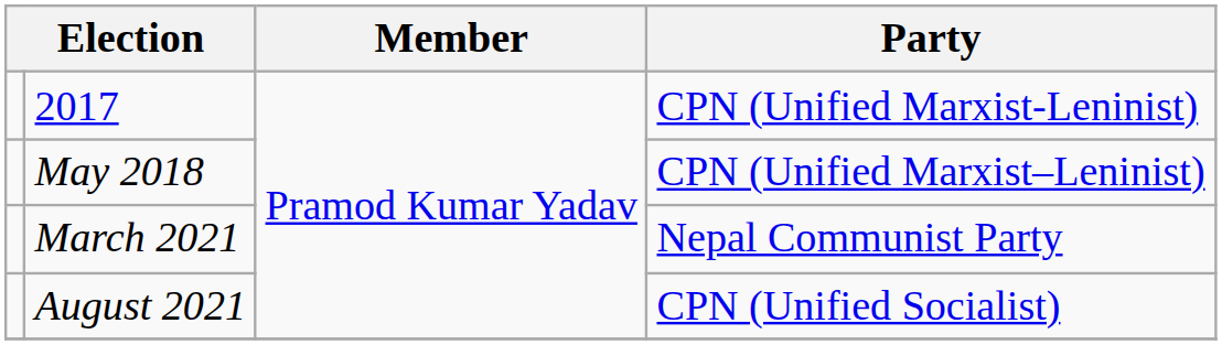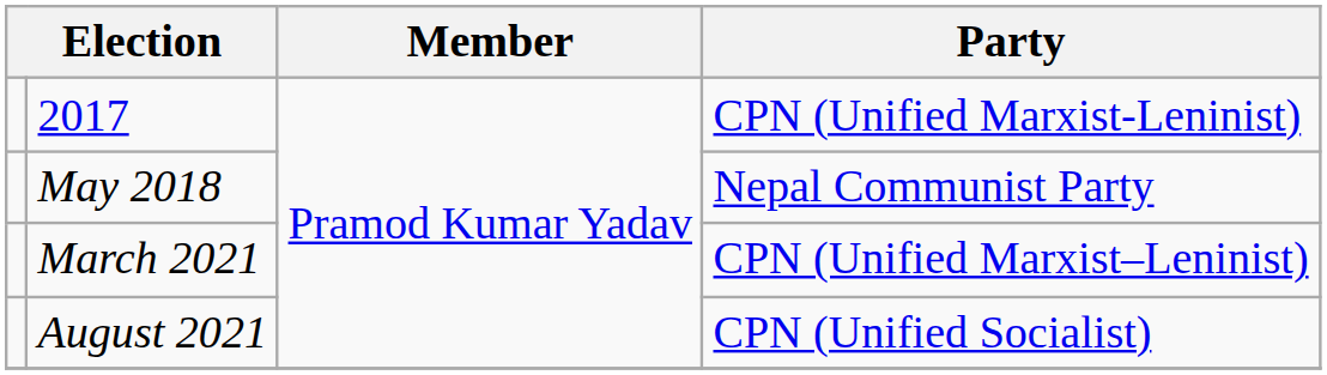 <table class="wikitable">
 <tr>
 <th colspan="2">Election</th>
 <th>Member</th>
 <th>Party</th>
 </tr>
 <tr>
 <td style="background-color:"></td>
 <td><a href='#'>2017</a></td>
 <td rowspan="4"><a href='#'>Pramod Kumar Yadav</a></td>
 <td><a href='#'>CPN (Unified Marxist-Leninist)</a></td>
 </tr>
 <tr>
 <td style="background-color:"></td>
 <td><em>May 2018</em></td>
-<td><a href='#'>CPN (Unified Marxist–Leninist)</a></td>
+<td><a href='#'>Nepal Communist Party</a></td>
 </tr>
 <tr>
 <td style="background-color:"></td>
 <td><em>March 2021</em></td>
-<td><a href='#'>Nepal Communist Party</a></td>
+<td><a href='#'>CPN (Unified Marxist–Leninist)</a></td>
 </tr>
 <tr>
 <td style="background-color:"></td>
 <td><em>August 2021</em></td>
 <td><a href='#'>CPN (Unified Socialist)</a></td>
 </tr>
 <tr>
 </tr>
 </table>
